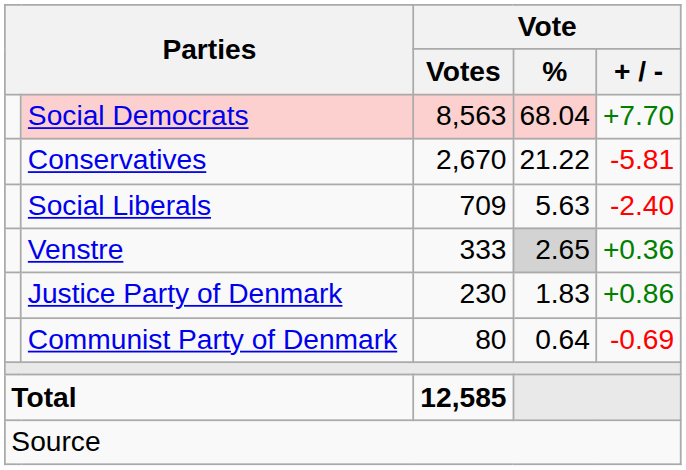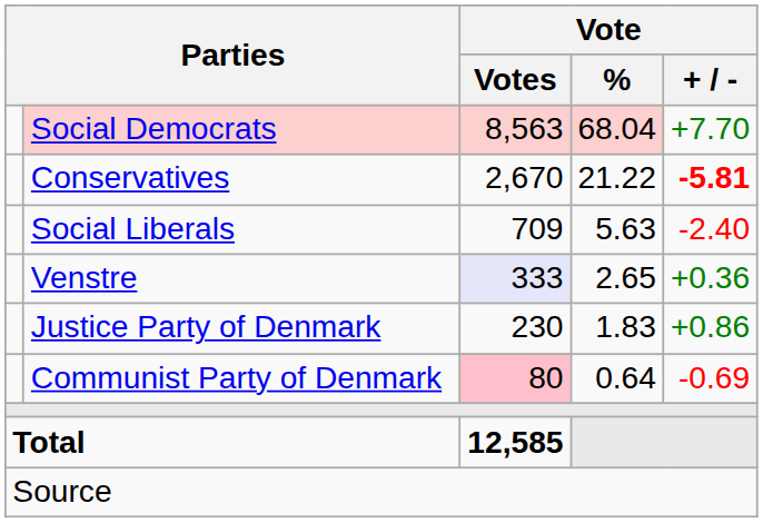 <table class="wikitable" style="text-align:right;">
 <tr>
 <th style="text-align:centre;" rowspan="2" colspan="2" width="225">Parties</th>
 <th colspan="3">Vote</th>
 </tr>
 <tr>
 <th width="15">Votes</th>
 <th width="15">%</th>
 <th width="15">+ / -</th>
 </tr>
 <tr>
 <td width="2" style="color:inherit;background:"></td>
 <td bgcolor=#fbd0ce  align="left"><a href='#'>Social Democrats</a></td>
 <td bgcolor=#fbd0ce>8,563</td>
 <td bgcolor=#fbd0ce>68.04</td>
 <td style=color:green;>+7.70</td>
 </tr>
 <tr>
 <td width="2" style="color:inherit;background:"></td>
 <td align="left"><a href='#'>Conservatives</a></td>
 <td>2,670</td>
 <td>21.22</td>
-<td style=color:red;>-5.81</td>
+<td style=color:red;><strong>-5.81</strong></td>
 </tr>
 <tr>
 <td width="2" style="color:inherit;background:"></td>
 <td align="left"><a href='#'>Social Liberals</a></td>
 <td>709</td>
 <td>5.63</td>
 <td style=color:red;>-2.40</td>
 </tr>
 <tr>
 <td width="2" style="color:inherit;background:"></td>
 <td align="left"><a href='#'>Venstre</a></td>
-<td>333</td>
-<td style="background: lightgrey;">2.65</td>
+<td style="background: lavender;">333</td>
+<td>2.65</td>
 <td style=color:green;>+0.36</td>
 </tr>
 <tr>
 <td width="2" style="color:inherit;background:"></td>
 <td align="left"><a href='#'>Justice Party of Denmark</a></td>
 <td>230</td>
 <td>1.83</td>
 <td style=color:green;>+0.86</td>
 </tr>
 <tr>
 <td width="2" style="color:inherit;background:"></td>
 <td align="left"><a href='#'>Communist Party of Denmark</a></td>
-<td>80</td>
+<td style="background: pink;">80</td>
 <td>0.64</td>
 <td style=color:red;>-0.69</td>
 </tr>
 <tr>
 <td colspan="7" bgcolor="#E9E9E9"></td>
 </tr>
 <tr>
 <td align="left" colspan="2"><strong>Total</strong></td>
 <td><strong>12,585</strong></td>
 <td bgcolor="#E9E9E9" colspan="2"></td>
 </tr>
 <tr>
 <td align="left" colspan="6">Source</td>
 </tr>
 </table>
